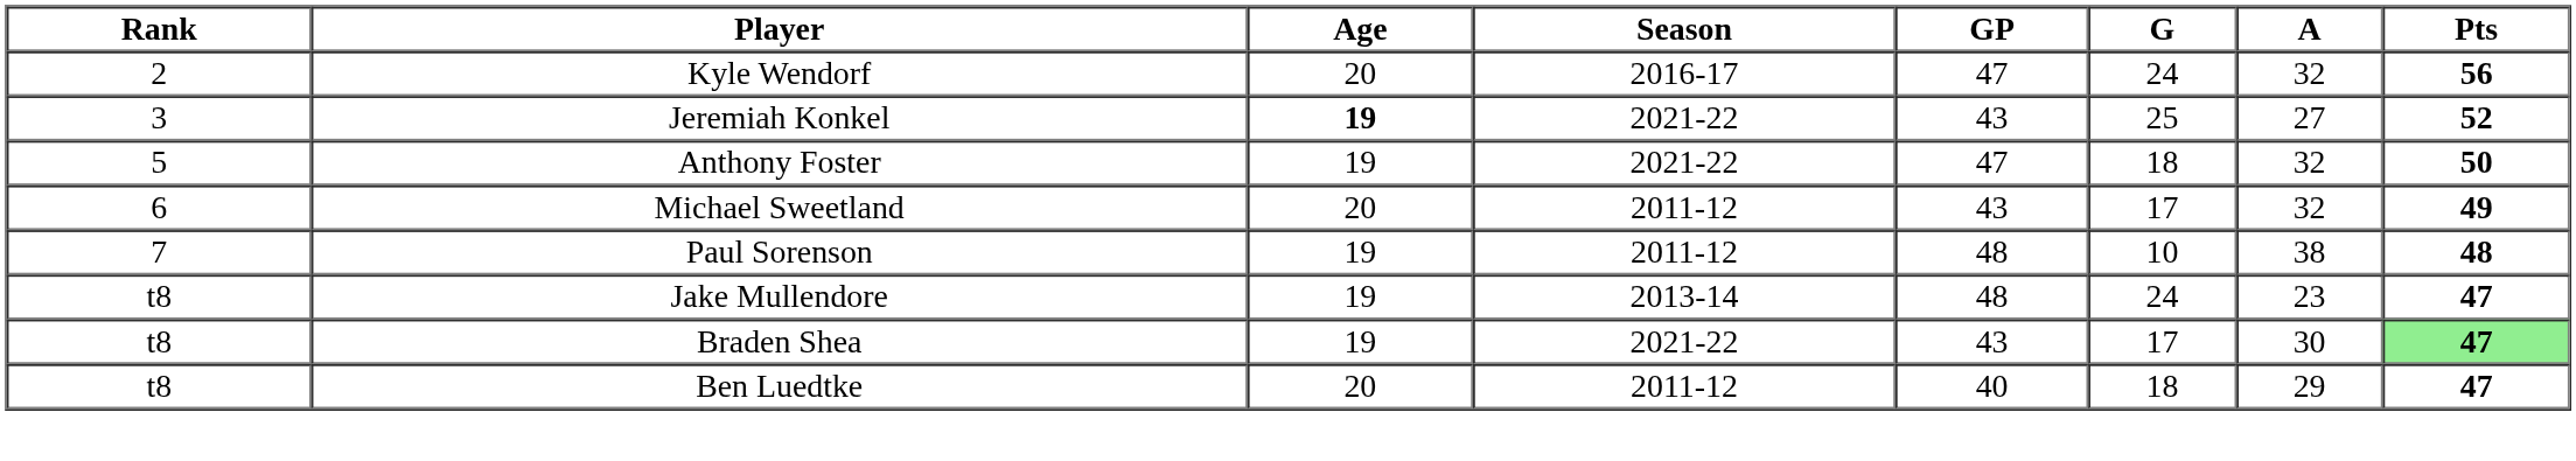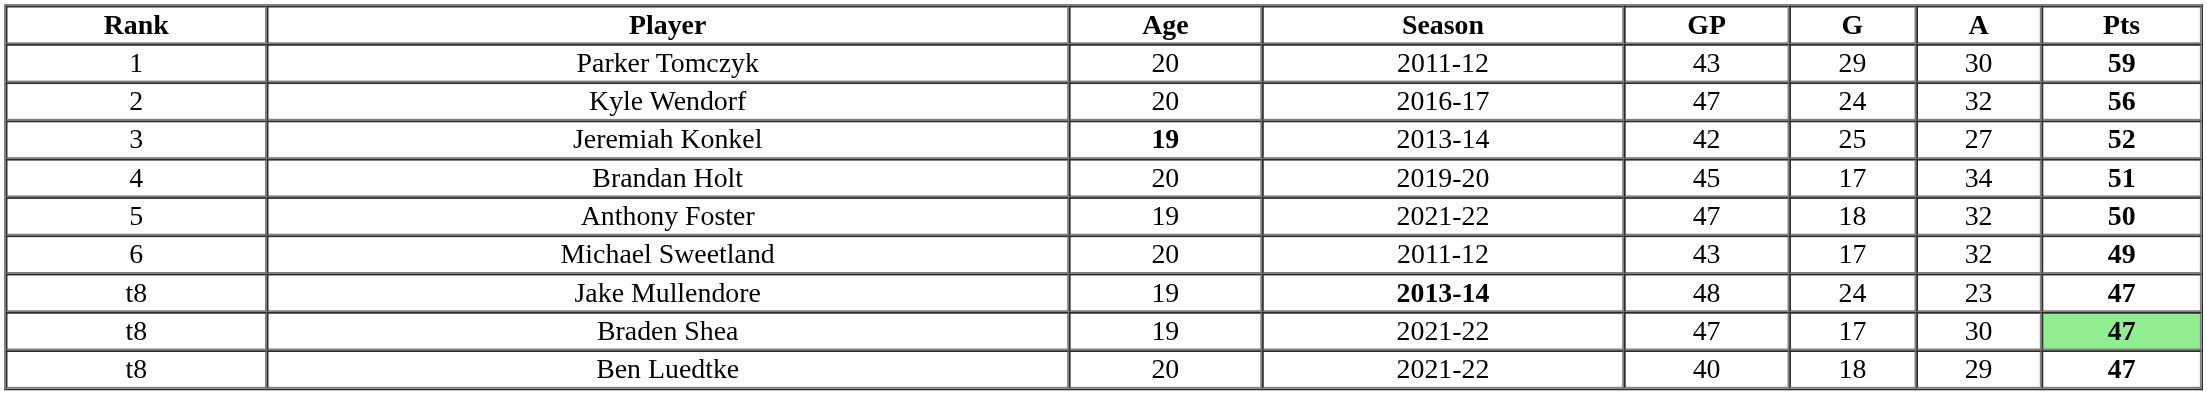 <table cellpadding="1" border="1" cellspacing="0" width="100%">
 <tr>
 <th>Rank</th>
 <th>Player</th>
 <th>Age</th>
 <th>Season</th>
 <th>GP</th>
 <th>G</th>
 <th>A</th>
 <th>Pts</th>
 </tr>
 <tr>
+</tr>
+<tr align="center">
+<td>1</td>
+<td>Parker Tomczyk</td>
+<td>20</td>
+<td>2011-12</td>
+<td>43</td>
+<td>29</td>
+<td>30</td>
+<td><strong>59</strong></td>
 </tr>
 <tr>
 </tr>
 <tr align="center">
 <td>2</td>
 <td>Kyle Wendorf</td>
 <td>20</td>
 <td>2016-17</td>
 <td>47</td>
 <td>24</td>
 <td>32</td>
 <td><strong>56</strong></td>
 </tr>
 <tr align="center">
 <td>3</td>
 <td>Jeremiah Konkel</td>
 <td><strong>19</strong></td>
-<td>2021-22</td>
-<td>43</td>
+<td>2013-14</td>
+<td>42</td>
 <td>25</td>
 <td>27</td>
 <td><strong>52</strong></td>
+</tr>
+<tr align="center">
+<td>4</td>
+<td>Brandan Holt</td>
+<td>20</td>
+<td>2019-20</td>
+<td>45</td>
+<td>17</td>
+<td>34</td>
+<td><strong>51</strong></td>
 </tr>
 <tr align="center">
 <td>5</td>
 <td>Anthony Foster</td>
 <td>19</td>
 <td>2021-22</td>
 <td>47</td>
 <td>18</td>
 <td>32</td>
 <td><strong>50</strong></td>
 </tr>
 <tr align="center">
 <td>6</td>
 <td>Michael Sweetland</td>
 <td>20</td>
 <td>2011-12</td>
 <td>43</td>
 <td>17</td>
 <td>32</td>
 <td><strong>49</strong></td>
 </tr>
 <tr align="center">
-<td>7</td>
-<td>Paul Sorenson</td>
-<td>19</td>
-<td>2011-12</td>
-<td>48</td>
-<td>10</td>
-<td>38</td>
-<td><strong>48</strong></td>
-</tr>
-<tr align="center">
 <td>t8</td>
 <td>Jake Mullendore</td>
 <td>19</td>
-<td>2013-14</td>
+<td><strong>2013-14</strong></td>
 <td>48</td>
 <td>24</td>
 <td>23</td>
 <td><strong>47</strong></td>
 </tr>
 <tr align="center">
 <td>t8</td>
 <td>Braden Shea</td>
 <td>19</td>
 <td>2021-22</td>
-<td>43</td>
+<td>47</td>
 <td>17</td>
 <td>30</td>
 <td style="background: lightgreen;"><strong>47</strong></td>
 </tr>
 <tr align="center">
 <td>t8</td>
 <td>Ben Luedtke</td>
 <td>20</td>
-<td>2011-12</td>
+<td>2021-22</td>
 <td>40</td>
 <td>18</td>
 <td>29</td>
 <td><strong>47</strong></td>
 </tr>
 </table>
